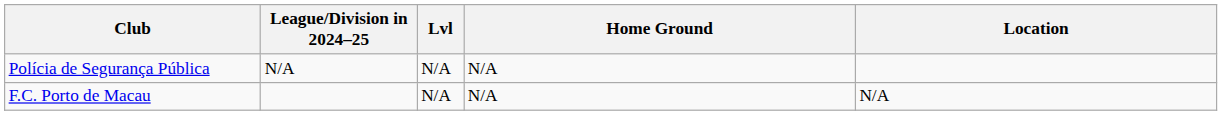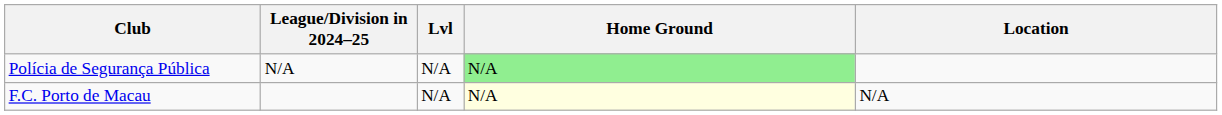 <table class="wikitable sortable" width=80% style="font-size:90%">
 <tr>
 <th width=17%><strong>Club</strong></th>
 <th width=10%><strong>League/Division in 2024–25</strong></th>
 <th width=3%><strong>Lvl</strong></th>
 <th width=26%><strong>Home Ground</strong></th>
 <th width=24%><strong>Location</strong></th>
 </tr>
 <tr>
 <td><a href='#'>Polícia de Segurança Pública</a></td>
 <td>N/A</td>
 <td>N/A</td>
-<td>N/A</td>
+<td style="background: lightgreen;">N/A</td>
 </tr>
 <tr>
 <td><a href='#'>F.C. Porto de Macau</a></td>
 <td></td>
 <td>N/A</td>
-<td>N/A</td>
+<td style="background: lightyellow;">N/A</td>
 <td>N/A</td>
 </tr>
 </table>
